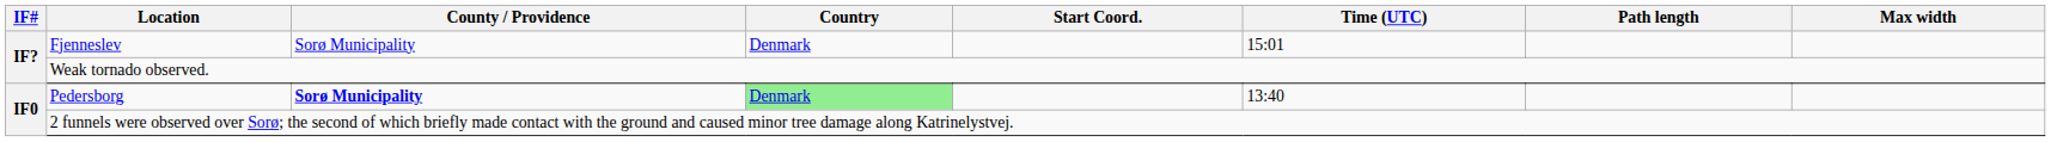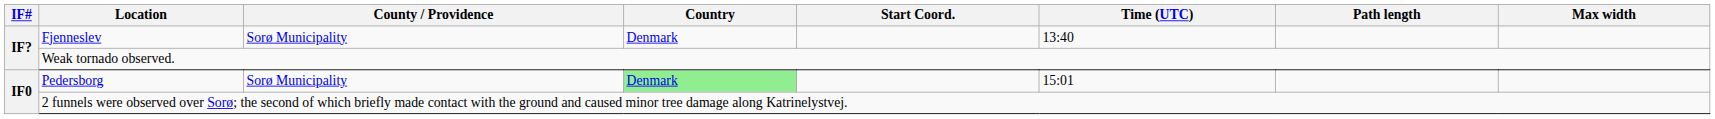 <table class="wikitable sortable" style="width:100%;">
 <tr>
 <th scope="col" width="2%" align="center"><a href='#'>IF#</a></th>
 <th scope="col" align="center" class="unsortable">Location</th>
 <th scope="col" align="center" class="unsortable">County / Providence</th>
 <th scope="col" align="center">Country</th>
 <th scope="col" align="center">Start Coord.</th>
 <th scope="col" align="center">Time (<a href='#'>UTC</a>)</th>
 <th scope="col" align="center">Path length</th>
 <th scope="col" align="center">Max width</th>
 </tr>
 <tr>
 <th scope="row" rowspan="2" style="background-color:#">IF?</th>
 <td><a href='#'>Fjenneslev</a></td>
 <td><a href='#'>Sorø Municipality</a></td>
 <td><a href='#'>Denmark</a></td>
 <td></td>
-<td>15:01</td>
+<td>13:40</td>
 <td></td>
 <td></td>
 </tr>
 <tr class="expand-child">
 <td colspan="8" style=" border-bottom: 1px solid black">Weak tornado observed.</td>
 </tr>
 <tr>
 <th scope="row" rowspan="2" style="background-color:#">IF0</th>
 <td><a href='#'>Pedersborg</a></td>
-<td><strong><a href='#'>Sorø Municipality</a></strong></td>
+<td><a href='#'>Sorø Municipality</a></td>
 <td style="background: lightgreen;"><a href='#'>Denmark</a></td>
 <td></td>
-<td>13:40</td>
+<td>15:01</td>
 <td></td>
 <td></td>
 </tr>
 <tr class="expand-child">
 <td colspan="8" style=" border-bottom: 1px solid black;">2 funnels were observed over <a href='#'>Sorø</a>; the second of which briefly made contact with the ground and caused minor tree damage along Katrinelystvej.</td>
 </tr>
 </table>
